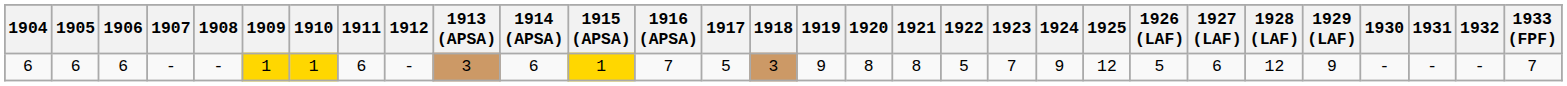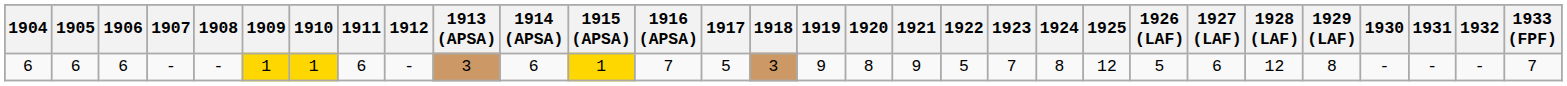 <table class="wikitable" style="margin:0.5em ; font-size:70%">
 <tr>
 <th>1904</th>
 <th>1905</th>
 <th>1906</th>
 <th>1907</th>
 <th>1908</th>
 <th>1909</th>
 <th>1910</th>
 <th>1911</th>
 <th>1912</th>
 <th>1913 <br> (APSA)</th>
 <th>1914 <br> (APSA)</th>
 <th>1915 <br> (APSA)</th>
 <th>1916 <br> (APSA)</th>
 <th>1917</th>
 <th>1918</th>
 <th>1919</th>
 <th>1920</th>
 <th>1921</th>
 <th>1922</th>
 <th>1923</th>
 <th>1924</th>
 <th>1925</th>
 <th>1926 <br> (LAF)</th>
 <th>1927 <br> (LAF)</th>
 <th>1928 <br> (LAF)</th>
 <th>1929 <br> (LAF)</th>
 <th>1930</th>
 <th>1931</th>
 <th>1932</th>
 <th>1933 <br> (FPF)</th>
 </tr>
 <tr>
 <td align=center>6</td>
 <td align=center>6</td>
 <td align=center>6</td>
 <td align=center>-</td>
 <td align=center>-</td>
 <td align=center style="background:gold;">1</td>
 <td align=center style="background:gold;">1</td>
 <td align=center>6</td>
 <td align=center>-</td>
 <td align=center style="background:#c96;">3</td>
 <td align=center>6</td>
 <td align=center style="background:gold;">1</td>
 <td align=center>7</td>
 <td align=center>5</td>
 <td align=center style="background:#c96;">3</td>
 <td align=center>9</td>
 <td align=center>8</td>
-<td align=center>8</td>
+<td align=center>9</td>
 <td align=center>5</td>
 <td align=center>7</td>
-<td align=center>9</td>
+<td align=center>8</td>
 <td align=center>12</td>
 <td align=center>5</td>
 <td align=center>6</td>
 <td align=center>12</td>
-<td align=center>9</td>
+<td align=center>8</td>
 <td align=center>-</td>
 <td align=center>-</td>
 <td align=center>-</td>
 <td align=center>7</td>
 </tr>
 </table>
